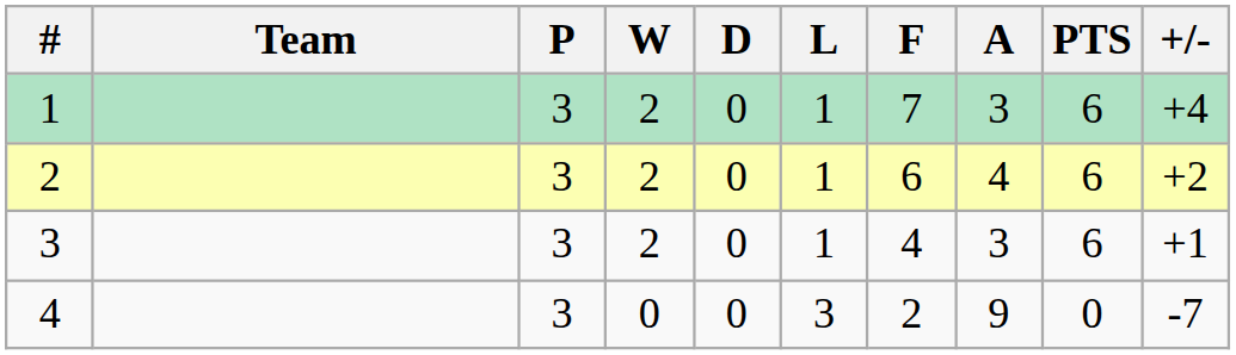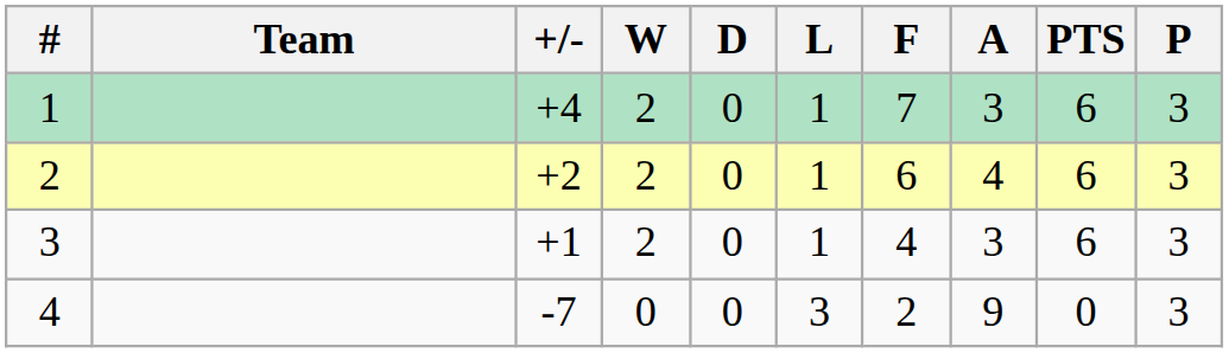 <table class="wikitable" border="1">
 <tr>
 <th width="25">#</th>
 <th width="150">Team</th>
-<th width="25">P</th>
+<th width="25">+/-</th>
 <th width="25">W</th>
 <th width="25">D</th>
 <th width="25">L</th>
 <th width="25">F</th>
 <th width="25">A</th>
 <th width="25">PTS</th>
-<th width="25">+/-</th>
+<th width="25">P</th>
 </tr>
 <tr bgcolor="AFE2C4">
 <td align="center">1</td>
 <td></td>
-<td align="center">3</td>
+<td align="center">+4</td>
 <td align="center">2</td>
 <td align="center">0</td>
 <td align="center">1</td>
 <td align="center">7</td>
 <td align="center">3</td>
 <td align="center">6</td>
-<td align="center">+4</td>
+<td align="center">3</td>
 </tr>
 <tr bgcolor="FCFFB2">
 <td align="center">2</td>
 <td></td>
-<td align="center">3</td>
+<td align="center">+2</td>
 <td align="center">2</td>
 <td align="center">0</td>
 <td align="center">1</td>
 <td align="center">6</td>
 <td align="center">4</td>
 <td align="center">6</td>
-<td align="center">+2</td>
+<td align="center">3</td>
 </tr>
 <tr>
 <td align="center">3</td>
 <td></td>
-<td align="center">3</td>
+<td align="center">+1</td>
 <td align="center">2</td>
 <td align="center">0</td>
 <td align="center">1</td>
 <td align="center">4</td>
 <td align="center">3</td>
 <td align="center">6</td>
-<td align="center">+1</td>
+<td align="center">3</td>
 </tr>
 <tr>
 <td align="center">4</td>
 <td></td>
-<td align="center">3</td>
+<td align="center">-7</td>
 <td align="center">0</td>
 <td align="center">0</td>
 <td align="center">3</td>
 <td align="center">2</td>
 <td align="center">9</td>
 <td align="center">0</td>
-<td align="center">-7</td>
+<td align="center">3</td>
 </tr>
 </table>
